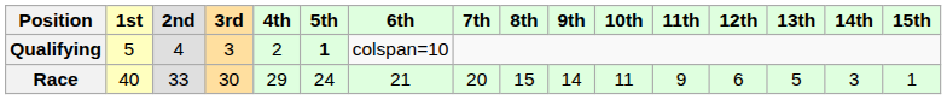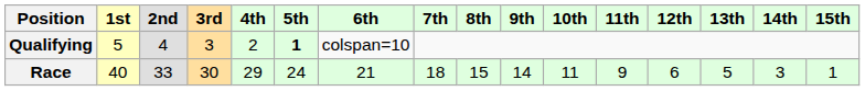 <table class="wikitable" style="font-size:85%; text-align:center">
 <tr>
 <th>Position</th>
 <td style="background:#ffffbf;"> <strong>1st</strong> </td>
 <td style="background:#dfdfdf;"> <strong>2nd</strong> </td>
 <td style="background:#ffdf9f;"> <strong>3rd</strong> </td>
 <td style="background:#dfffdf;"> <strong>4th</strong> </td>
 <td style="background:#dfffdf;"> <strong>5th</strong> </td>
 <td style="background:#dfffdf;"> <strong>6th</strong> </td>
 <td style="background:#dfffdf;"> <strong>7th</strong> </td>
 <td style="background:#dfffdf;"> <strong>8th</strong> </td>
 <td style="background:#dfffdf;"> <strong>9th</strong> </td>
 <td style="background:#dfffdf;"> <strong>10th</strong> </td>
 <td style="background:#dfffdf;"> <strong>11th</strong> </td>
 <td style="background:#dfffdf;"> <strong>12th</strong> </td>
 <td style="background:#dfffdf;"> <strong>13th</strong> </td>
 <td style="background:#dfffdf;"> <strong>14th</strong> </td>
 <td style="background:#dfffdf;"> <strong>15th</strong> </td>
 </tr>
 <tr>
 <th>Qualifying</th>
 <td style="background:#ffffbf;">5</td>
 <td style="background:#dfdfdf;">4</td>
 <td style="background:#ffdf9f;">3</td>
 <td style="background:#dfffdf;">2</td>
 <td style="background:#dfffdf;"><strong>1</strong></td>
 <td>colspan=10 </td>
 </tr>
 <tr>
 <th>Race</th>
 <td style="background:#FFFFBF;">40</td>
 <td style="background:#DFDFDF;">33</td>
 <td style="background:#FFDF9F;">30</td>
 <td style="background:#DFFFDF;">29</td>
 <td style="background:#DFFFDF;">24</td>
 <td style="background:#DFFFDF;">21</td>
-<td style="background:#DFFFDF;">20</td>
+<td style="background:#DFFFDF;">18</td>
 <td style="background:#DFFFDF;">15</td>
 <td style="background:#DFFFDF;">14</td>
 <td style="background:#DFFFDF;">11</td>
 <td style="background:#DFFFDF;">9</td>
 <td style="background:#DFFFDF;">6</td>
 <td style="background:#DFFFDF;">5</td>
 <td style="background:#DFFFDF;">3</td>
 <td style="background:#DFFFDF;">1</td>
 </tr>
 </table>
